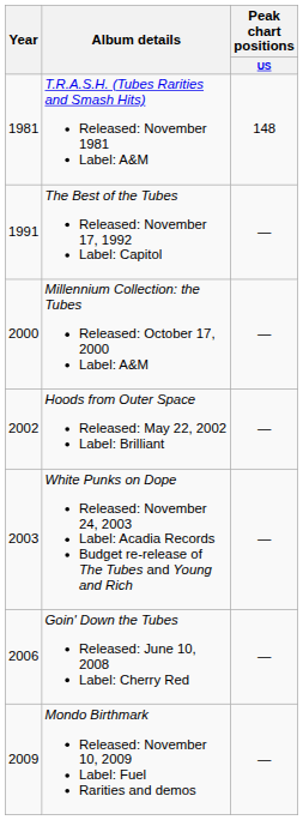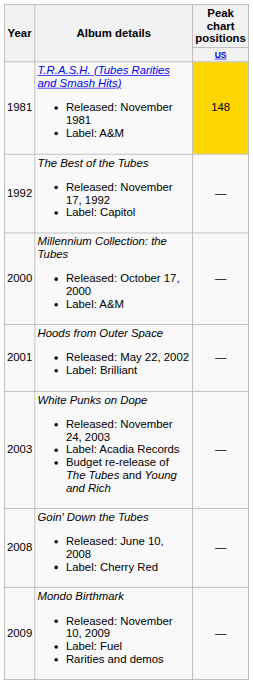 <table class="wikitable">
 <tr>
 <th rowspan="2" style="width:33px;">Year</th>
 <th rowspan="2" style="width:215px;">Album details</th>
 <th>Peak chart positions</th>
 </tr>
 <tr>
 <th style="width:2em;font-size:75%"><a href='#'>US</a><br></th>
 </tr>
 <tr>
 <td>1981</td>
 <td><em><a href='#'>T.R.A.S.H. (Tubes Rarities and Smash Hits)</a></em><br><ul><li>Released: November 1981</li><li>Label: A&M</li></ul></td>
-<td style="text-align:center;">148</td>
+<td style="background: gold; text-align:center;">148</td>
 </tr>
 <tr>
-<td>1991</td>
+<td>1992</td>
 <td><em>The Best of the Tubes</em><br><ul><li>Released: November 17, 1992</li><li>Label: Capitol</li></ul></td>
 <td style="text-align:center;">—</td>
 </tr>
 <tr>
 <td>2000</td>
 <td><em>Millennium Collection: the Tubes</em><br><ul><li>Released: October 17, 2000</li><li>Label: A&M</li></ul></td>
 <td style="text-align:center;">—</td>
 </tr>
 <tr>
-<td>2002</td>
+<td>2001</td>
 <td><em>Hoods from Outer Space</em><br><ul><li>Released: May 22, 2002</li><li>Label: Brilliant</li></ul></td>
 <td style="text-align:center;">—</td>
 </tr>
 <tr>
 <td>2003</td>
 <td><em>White Punks on Dope</em><br><ul><li>Released: November 24, 2003</li><li>Label: Acadia Records</li><li>Budget re-release of <em>The Tubes</em> and <em>Young and Rich</em></li></ul></td>
 <td style="text-align:center;">—</td>
 </tr>
 <tr>
-<td>2006</td>
+<td>2008</td>
 <td><em>Goin' Down the Tubes</em><br><ul><li>Released: June 10, 2008</li><li>Label: Cherry Red</li></ul></td>
 <td style="text-align:center;">—</td>
 </tr>
 <tr>
 <td>2009</td>
 <td><em>Mondo Birthmark</em><br><ul><li>Released: November 10, 2009</li><li>Label: Fuel</li><li>Rarities and demos</li></ul></td>
 <td style="text-align:center;">—</td>
 </tr>
 </table>
